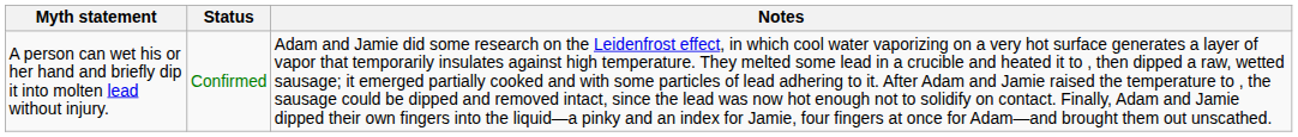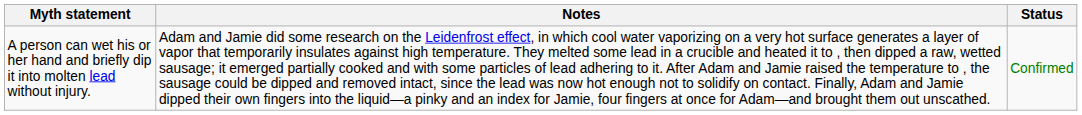 <table class="wikitable plainrowheaders">
 <tr>
 <th>Myth statement</th>
+<th>Notes</th>
 <th>Status</th>
-<th>Notes</th>
 </tr>
 <tr>
 <td>A person can wet his or her hand and briefly dip it into molten <a href='#'>lead</a> without injury.</td>
+<td>Adam and Jamie did some research on the <a href='#'>Leidenfrost effect</a>, in which cool water vaporizing on a very hot surface generates a layer of vapor that temporarily insulates against high temperature. They melted some lead in a crucible and heated it to , then dipped a raw, wetted sausage; it emerged partially cooked and with some particles of lead adhering to it. After Adam and Jamie raised the temperature to , the sausage could be dipped and removed intact, since the lead was now hot enough not to solidify on contact. Finally, Adam and Jamie dipped their own fingers into the liquid—a pinky and an index for Jamie, four fingers at once for Adam—and brought them out unscathed.</td>
 <td style="color:green">Confirmed</td>
-<td>Adam and Jamie did some research on the <a href='#'>Leidenfrost effect</a>, in which cool water vaporizing on a very hot surface generates a layer of vapor that temporarily insulates against high temperature. They melted some lead in a crucible and heated it to , then dipped a raw, wetted sausage; it emerged partially cooked and with some particles of lead adhering to it. After Adam and Jamie raised the temperature to , the sausage could be dipped and removed intact, since the lead was now hot enough not to solidify on contact. Finally, Adam and Jamie dipped their own fingers into the liquid—a pinky and an index for Jamie, four fingers at once for Adam—and brought them out unscathed.</td>
 </tr>
 </table>
